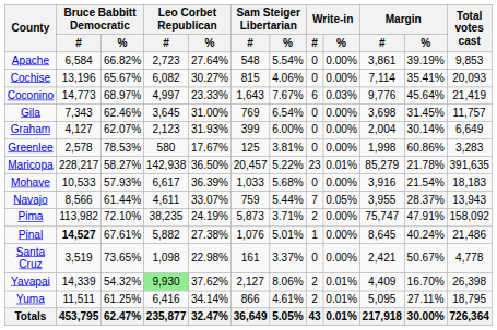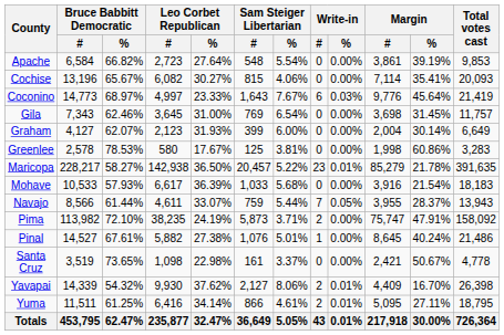 <table class="wikitable sortable">
 <tr>
 <th rowspan="2">County</th>
 <th style="text-align:center;" colspan="2">Bruce Babbitt<br>Democratic</th>
 <th style="text-align:center;" colspan="2">Leo Corbet<br>Republican</th>
 <th style="text-align:center;" colspan="2">Sam Steiger<br>Libertarian</th>
 <th style="text-align:center;" colspan="2">Write-in</th>
 <th style="text-align:center;" colspan="2">Margin</th>
 <th style="text-align:center;" rowspan="2">Total votes<br>cast</th>
 </tr>
 <tr>
 <th style="text-align:center;" data-sort-type="number">#</th>
 <th style="text-align:center;" data-sort-type="number">%</th>
 <th style="text-align:center;" data-sort-type="number">#</th>
 <th style="text-align:center;" data-sort-type="number">%</th>
 <th style="text-align:center;" data-sort-type="number">#</th>
 <th style="text-align:center;" data-sort-type="number">%</th>
 <th style="text-align:center;" data-sort-type="number">#</th>
 <th style="text-align:center;" data-sort-type="number">%</th>
 <th style="text-align:center;" data-sort-type="number">#</th>
 <th style="text-align:center;" data-sort-type="number">%</th>
 </tr>
 <tr style="text-align:center;">
 <td><a href='#'>Apache</a></td>
 <td>6,584</td>
 <td>66.82%</td>
 <td>2,723</td>
 <td>27.64%</td>
 <td>548</td>
 <td>5.54%</td>
 <td>0</td>
 <td>0.00%</td>
 <td>3,861</td>
 <td>39.19%</td>
 <td>9,853</td>
 </tr>
 <tr style="text-align:center;">
 <td><a href='#'>Cochise</a></td>
 <td>13,196</td>
 <td>65.67%</td>
 <td>6,082</td>
 <td>30.27%</td>
 <td>815</td>
 <td>4.06%</td>
 <td>0</td>
 <td>0.00%</td>
 <td>7,114</td>
 <td>35.41%</td>
 <td>20,093</td>
 </tr>
 <tr style="text-align:center;">
 <td><a href='#'>Coconino</a></td>
 <td>14,773</td>
 <td>68.97%</td>
 <td>4,997</td>
 <td>23.33%</td>
 <td>1,643</td>
 <td>7.67%</td>
 <td>6</td>
 <td>0.03%</td>
 <td>9,776</td>
 <td>45.64%</td>
 <td>21,419</td>
 </tr>
 <tr style="text-align:center;">
 <td><a href='#'>Gila</a></td>
 <td>7,343</td>
 <td>62.46%</td>
 <td>3,645</td>
 <td>31.00%</td>
 <td>769</td>
 <td>6.54%</td>
 <td>0</td>
 <td>0.00%</td>
 <td>3,698</td>
 <td>31.45%</td>
 <td>11,757</td>
 </tr>
 <tr style="text-align:center;">
 <td><a href='#'>Graham</a></td>
 <td>4,127</td>
 <td>62.07%</td>
 <td>2,123</td>
 <td>31.93%</td>
 <td>399</td>
 <td>6.00%</td>
 <td>0</td>
 <td>0.00%</td>
 <td>2,004</td>
 <td>30.14%</td>
 <td>6,649</td>
 </tr>
 <tr style="text-align:center;">
 <td><a href='#'>Greenlee</a></td>
 <td>2,578</td>
 <td>78.53%</td>
 <td>580</td>
 <td>17.67%</td>
 <td>125</td>
 <td>3.81%</td>
 <td>0</td>
 <td>0.00%</td>
 <td>1,998</td>
 <td>60.86%</td>
 <td>3,283</td>
 </tr>
 <tr style="text-align:center;">
 <td><a href='#'>Maricopa</a></td>
 <td>228,217</td>
 <td>58.27%</td>
 <td>142,938</td>
 <td>36.50%</td>
 <td>20,457</td>
 <td>5.22%</td>
 <td>23</td>
 <td>0.01%</td>
 <td>85,279</td>
 <td>21.78%</td>
 <td>391,635</td>
 </tr>
 <tr style="text-align:center;">
 <td><a href='#'>Mohave</a></td>
 <td>10,533</td>
 <td>57.93%</td>
 <td>6,617</td>
 <td>36.39%</td>
 <td>1,033</td>
 <td>5.68%</td>
 <td>0</td>
 <td>0.00%</td>
 <td>3,916</td>
 <td>21.54%</td>
 <td>18,183</td>
 </tr>
 <tr style="text-align:center;">
 <td><a href='#'>Navajo</a></td>
 <td>8,566</td>
 <td>61.44%</td>
 <td>4,611</td>
 <td>33.07%</td>
 <td>759</td>
 <td>5.44%</td>
 <td>7</td>
 <td>0.05%</td>
 <td>3,955</td>
 <td>28.37%</td>
 <td>13,943</td>
 </tr>
 <tr style="text-align:center;">
 <td><a href='#'>Pima</a></td>
 <td>113,982</td>
 <td>72.10%</td>
 <td>38,235</td>
 <td>24.19%</td>
 <td>5,873</td>
 <td>3.71%</td>
 <td>2</td>
 <td>0.00%</td>
 <td>75,747</td>
 <td>47.91%</td>
 <td>158,092</td>
 </tr>
 <tr style="text-align:center;">
 <td><a href='#'>Pinal</a></td>
-<td><strong>14,527</strong></td>
+<td>14,527</td>
 <td>67.61%</td>
 <td>5,882</td>
 <td>27.38%</td>
 <td>1,076</td>
 <td>5.01%</td>
 <td>1</td>
 <td>0.00%</td>
 <td>8,645</td>
 <td>40.24%</td>
 <td>21,486</td>
 </tr>
 <tr style="text-align:center;">
 <td><a href='#'>Santa Cruz</a></td>
 <td>3,519</td>
 <td>73.65%</td>
 <td>1,098</td>
 <td>22.98%</td>
 <td>161</td>
 <td>3.37%</td>
 <td>0</td>
 <td>0.00%</td>
 <td>2,421</td>
 <td>50.67%</td>
 <td>4,778</td>
 </tr>
 <tr style="text-align:center;">
 <td><a href='#'>Yavapai</a></td>
 <td>14,339</td>
 <td>54.32%</td>
-<td style="background: lightgreen;">9,930</td>
+<td>9,930</td>
 <td>37.62%</td>
 <td>2,127</td>
 <td>8.06%</td>
 <td>2</td>
 <td>0.01%</td>
 <td>4,409</td>
 <td>16.70%</td>
 <td>26,398</td>
 </tr>
 <tr style="text-align:center;">
 <td><a href='#'>Yuma</a></td>
 <td>11,511</td>
 <td>61.25%</td>
 <td>6,416</td>
 <td>34.14%</td>
 <td>866</td>
 <td>4.61%</td>
 <td>2</td>
 <td>0.01%</td>
 <td>5,095</td>
 <td>27.11%</td>
 <td>18,795</td>
 </tr>
 <tr style="text-align:center;">
 <th>Totals</th>
 <th>453,795</th>
 <th>62.47%</th>
 <th>235,877</th>
 <th>32.47%</th>
 <th>36,649</th>
 <th>5.05%</th>
 <th>43</th>
 <th>0.01%</th>
 <th>217,918</th>
 <th>30.00%</th>
 <th>726,364</th>
 </tr>
 </table>
